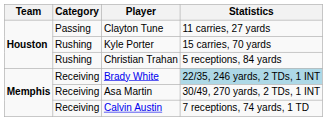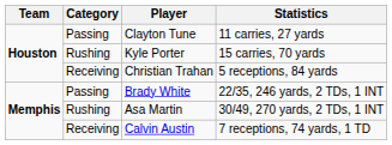 <table class="wikitable" style="float: left;">
 <tr>
 <th>Team</th>
 <th>Category</th>
 <th>Player</th>
 <th>Statistics</th>
 </tr>
 <tr>
 <td rowspan=3><strong>Houston</strong></td>
 <td>Passing</td>
 <td>Clayton Tune</td>
 <td>11 carries, 27 yards</td>
 </tr>
 <tr>
 <td>Rushing</td>
 <td>Kyle Porter</td>
 <td>15 carries, 70 yards</td>
 </tr>
 <tr>
-<td>Rushing</td>
+<td>Receiving</td>
 <td>Christian Trahan</td>
 <td>5 receptions, 84 yards</td>
 </tr>
 <tr>
 <td rowspan=3><strong>Memphis</strong></td>
-<td>Receiving</td>
+<td>Passing</td>
 <td><a href='#'>Brady White</a></td>
-<td style="background: lightblue;">22/35, 246 yards, 2 TDs, 1 INT</td>
+<td>22/35, 246 yards, 2 TDs, 1 INT</td>
 </tr>
 <tr>
-<td>Receiving</td>
+<td>Rushing</td>
 <td>Asa Martin</td>
 <td>30/49, 270 yards, 2 TDs, 1 INT</td>
 </tr>
 <tr>
 <td>Receiving</td>
 <td><a href='#'>Calvin Austin</a></td>
 <td>7 receptions, 74 yards, 1 TD</td>
 </tr>
 </table>
